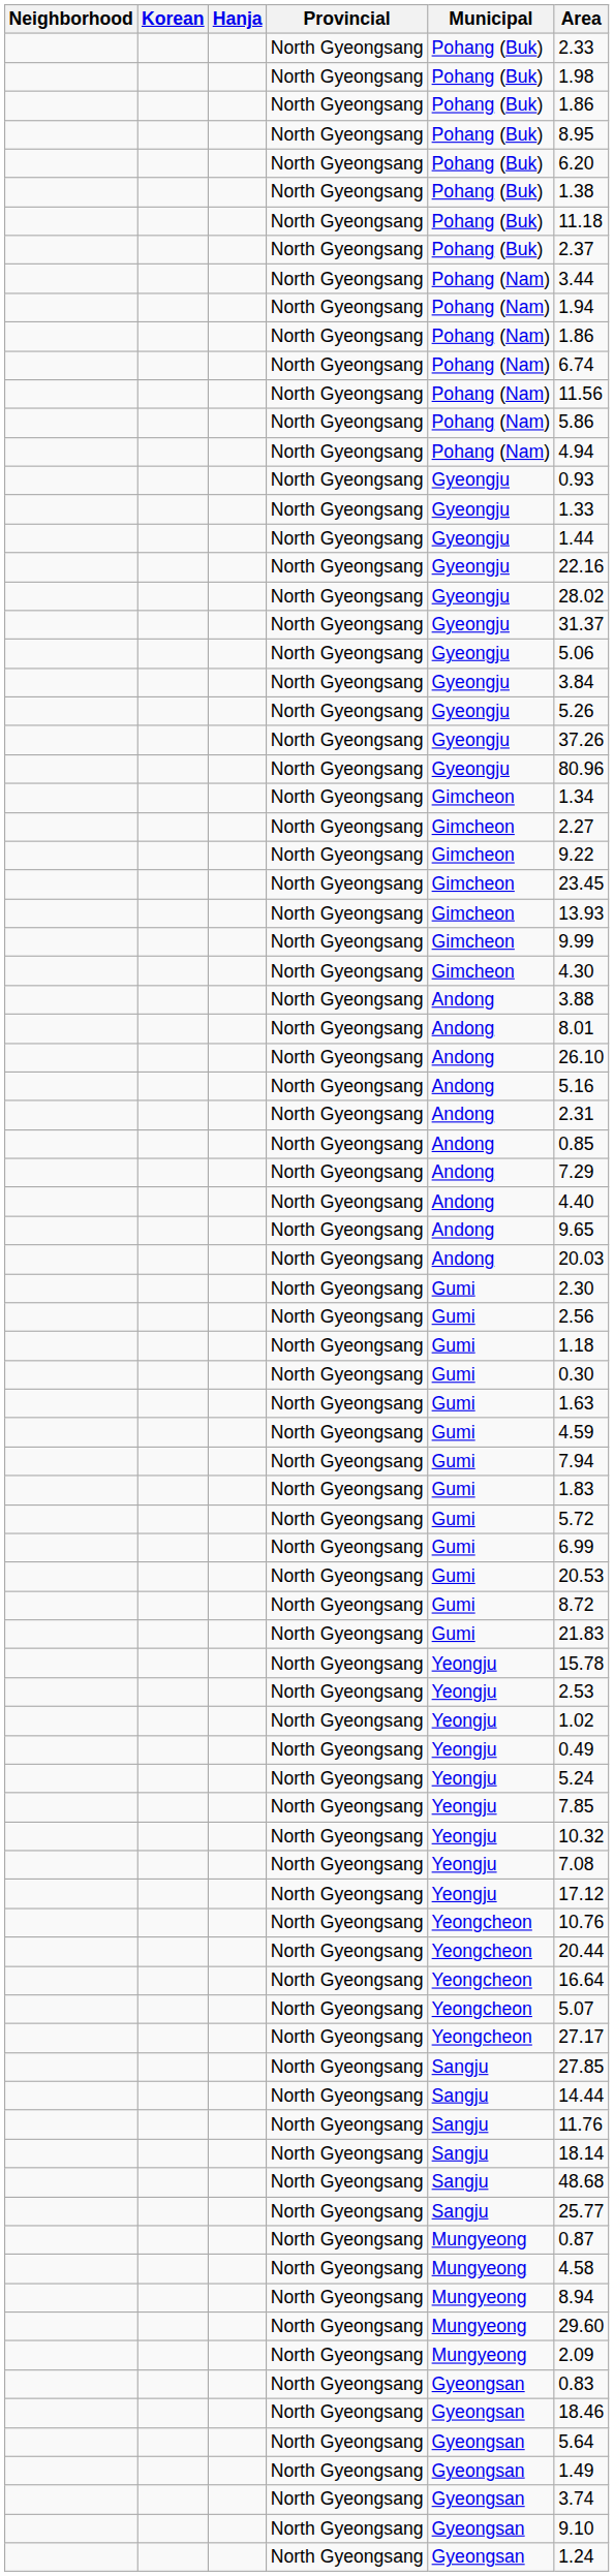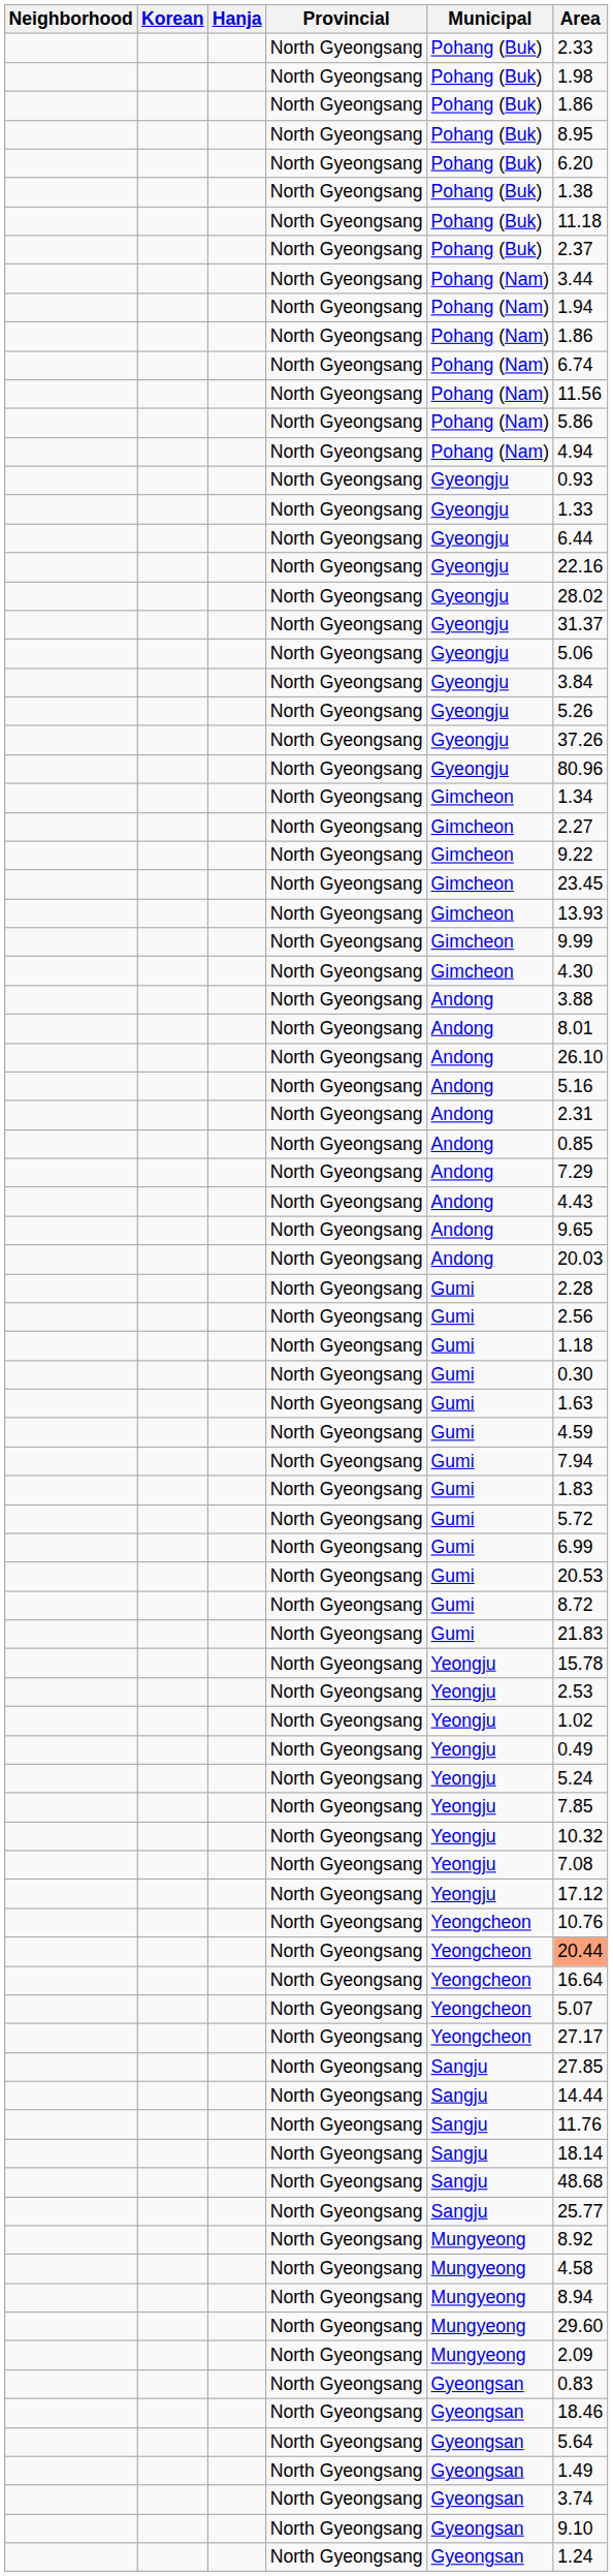 <table class="wikitable sortable">
 <tr>
 <th>Neighborhood</th>
 <th><a href='#'>Korean</a></th>
 <th><a href='#'>Hanja</a></th>
 <th>Provincial</th>
 <th>Municipal</th>
 <th>Area</th>
 </tr>
 <tr>
 <td></td>
 <td><span></span></td>
 <td><span></span></td>
 <td>North Gyeongsang</td>
 <td><a href='#'>Pohang</a> (<a href='#'>Buk</a>)</td>
 <td>2.33</td>
 </tr>
 <tr>
 <td></td>
 <td><span></span></td>
 <td><span></span></td>
 <td>North Gyeongsang</td>
 <td><a href='#'>Pohang</a> (<a href='#'>Buk</a>)</td>
 <td>1.98</td>
 </tr>
 <tr>
 <td></td>
 <td><span></span></td>
 <td><span></span></td>
 <td>North Gyeongsang</td>
 <td><a href='#'>Pohang</a> (<a href='#'>Buk</a>)</td>
 <td>1.86</td>
 </tr>
 <tr>
 <td></td>
 <td><span></span></td>
 <td><span></span></td>
 <td>North Gyeongsang</td>
 <td><a href='#'>Pohang</a> (<a href='#'>Buk</a>)</td>
 <td>8.95</td>
 </tr>
 <tr>
 <td></td>
 <td><span></span></td>
 <td><span></span></td>
 <td>North Gyeongsang</td>
 <td><a href='#'>Pohang</a> (<a href='#'>Buk</a>)</td>
 <td>6.20</td>
 </tr>
 <tr>
 <td></td>
 <td><span></span></td>
 <td><span></span></td>
 <td>North Gyeongsang</td>
 <td><a href='#'>Pohang</a> (<a href='#'>Buk</a>)</td>
 <td>1.38</td>
 </tr>
 <tr>
 <td></td>
 <td><span></span></td>
 <td><span></span></td>
 <td>North Gyeongsang</td>
 <td><a href='#'>Pohang</a> (<a href='#'>Buk</a>)</td>
 <td>11.18</td>
 </tr>
 <tr>
 <td></td>
 <td><span></span></td>
 <td><span></span></td>
 <td>North Gyeongsang</td>
 <td><a href='#'>Pohang</a> (<a href='#'>Buk</a>)</td>
 <td>2.37</td>
 </tr>
 <tr>
 <td></td>
 <td><span></span></td>
 <td><span></span></td>
 <td>North Gyeongsang</td>
 <td><a href='#'>Pohang</a> (<a href='#'>Nam</a>)</td>
 <td>3.44</td>
 </tr>
 <tr>
 <td></td>
 <td><span></span></td>
 <td><span></span></td>
 <td>North Gyeongsang</td>
 <td><a href='#'>Pohang</a> (<a href='#'>Nam</a>)</td>
 <td>1.94</td>
 </tr>
 <tr>
 <td></td>
 <td><span></span></td>
 <td><span></span></td>
 <td>North Gyeongsang</td>
 <td><a href='#'>Pohang</a> (<a href='#'>Nam</a>)</td>
 <td>1.86</td>
 </tr>
 <tr>
 <td></td>
 <td><span></span></td>
 <td><span></span></td>
 <td>North Gyeongsang</td>
 <td><a href='#'>Pohang</a> (<a href='#'>Nam</a>)</td>
 <td>6.74</td>
 </tr>
 <tr>
 <td></td>
 <td><span></span></td>
 <td><span></span></td>
 <td>North Gyeongsang</td>
 <td><a href='#'>Pohang</a> (<a href='#'>Nam</a>)</td>
 <td>11.56</td>
 </tr>
 <tr>
 <td></td>
 <td><span></span></td>
 <td><span></span></td>
 <td>North Gyeongsang</td>
 <td><a href='#'>Pohang</a> (<a href='#'>Nam</a>)</td>
 <td>5.86</td>
 </tr>
 <tr>
 <td></td>
 <td><span></span></td>
 <td><span></span></td>
 <td>North Gyeongsang</td>
 <td><a href='#'>Pohang</a> (<a href='#'>Nam</a>)</td>
 <td>4.94</td>
 </tr>
 <tr>
 <td></td>
 <td><span></span></td>
 <td><span></span></td>
 <td>North Gyeongsang</td>
 <td><a href='#'>Gyeongju</a></td>
 <td>0.93</td>
 </tr>
 <tr>
 <td></td>
 <td><span></span></td>
 <td><span></span></td>
 <td>North Gyeongsang</td>
 <td><a href='#'>Gyeongju</a></td>
 <td>1.33</td>
 </tr>
 <tr>
 <td></td>
 <td><span></span></td>
 <td><span></span></td>
 <td>North Gyeongsang</td>
 <td><a href='#'>Gyeongju</a></td>
-<td>1.44</td>
+<td>6.44</td>
 </tr>
 <tr>
 <td></td>
 <td><span></span></td>
 <td><span></span></td>
 <td>North Gyeongsang</td>
 <td><a href='#'>Gyeongju</a></td>
 <td>22.16</td>
 </tr>
 <tr>
 <td></td>
 <td><span></span></td>
 <td><span></span></td>
 <td>North Gyeongsang</td>
 <td><a href='#'>Gyeongju</a></td>
 <td>28.02</td>
 </tr>
 <tr>
 <td></td>
 <td><span></span></td>
 <td><span></span></td>
 <td>North Gyeongsang</td>
 <td><a href='#'>Gyeongju</a></td>
 <td>31.37</td>
 </tr>
 <tr>
 <td></td>
 <td><span></span></td>
 <td><span></span></td>
 <td>North Gyeongsang</td>
 <td><a href='#'>Gyeongju</a></td>
 <td>5.06</td>
 </tr>
 <tr>
 <td></td>
 <td><span></span></td>
 <td><span></span></td>
 <td>North Gyeongsang</td>
 <td><a href='#'>Gyeongju</a></td>
 <td>3.84</td>
 </tr>
 <tr>
 <td></td>
 <td><span></span></td>
 <td><span></span></td>
 <td>North Gyeongsang</td>
 <td><a href='#'>Gyeongju</a></td>
 <td>5.26</td>
 </tr>
 <tr>
 <td></td>
 <td><span></span></td>
 <td><span></span></td>
 <td>North Gyeongsang</td>
 <td><a href='#'>Gyeongju</a></td>
 <td>37.26</td>
 </tr>
 <tr>
 <td></td>
 <td><span></span></td>
 <td><span></span></td>
 <td>North Gyeongsang</td>
 <td><a href='#'>Gyeongju</a></td>
 <td>80.96</td>
 </tr>
 <tr>
 <td></td>
 <td><span></span></td>
 <td><span></span></td>
 <td>North Gyeongsang</td>
 <td><a href='#'>Gimcheon</a></td>
 <td>1.34</td>
 </tr>
 <tr>
 <td></td>
 <td><span></span></td>
 <td><span></span></td>
 <td>North Gyeongsang</td>
 <td><a href='#'>Gimcheon</a></td>
 <td>2.27</td>
 </tr>
 <tr>
 <td></td>
 <td><span></span></td>
 <td><span></span></td>
 <td>North Gyeongsang</td>
 <td><a href='#'>Gimcheon</a></td>
 <td>9.22</td>
 </tr>
 <tr>
 <td></td>
 <td><span></span></td>
 <td><span></span></td>
 <td>North Gyeongsang</td>
 <td><a href='#'>Gimcheon</a></td>
 <td>23.45</td>
 </tr>
 <tr>
 <td></td>
 <td><span></span></td>
 <td><span></span></td>
 <td>North Gyeongsang</td>
 <td><a href='#'>Gimcheon</a></td>
 <td>13.93</td>
 </tr>
 <tr>
 <td></td>
 <td><span></span></td>
 <td><span></span></td>
 <td>North Gyeongsang</td>
 <td><a href='#'>Gimcheon</a></td>
 <td>9.99</td>
 </tr>
 <tr>
 <td></td>
 <td><span></span></td>
 <td><span></span></td>
 <td>North Gyeongsang</td>
 <td><a href='#'>Gimcheon</a></td>
 <td>4.30</td>
 </tr>
 <tr>
 <td></td>
 <td><span></span></td>
 <td><span></span></td>
 <td>North Gyeongsang</td>
 <td><a href='#'>Andong</a></td>
 <td>3.88</td>
 </tr>
 <tr>
 <td></td>
 <td><span></span></td>
 <td><span></span></td>
 <td>North Gyeongsang</td>
 <td><a href='#'>Andong</a></td>
 <td>8.01</td>
 </tr>
 <tr>
 <td></td>
 <td><span></span></td>
 <td><span></span></td>
 <td>North Gyeongsang</td>
 <td><a href='#'>Andong</a></td>
 <td>26.10</td>
 </tr>
 <tr>
 <td></td>
 <td><span></span></td>
 <td><span></span></td>
 <td>North Gyeongsang</td>
 <td><a href='#'>Andong</a></td>
 <td>5.16</td>
 </tr>
 <tr>
 <td></td>
 <td><span></span></td>
 <td><span></span></td>
 <td>North Gyeongsang</td>
 <td><a href='#'>Andong</a></td>
 <td>2.31</td>
 </tr>
 <tr>
 <td></td>
 <td><span></span></td>
 <td><span></span></td>
 <td>North Gyeongsang</td>
 <td><a href='#'>Andong</a></td>
 <td>0.85</td>
 </tr>
 <tr>
 <td></td>
 <td><span></span></td>
 <td><span></span></td>
 <td>North Gyeongsang</td>
 <td><a href='#'>Andong</a></td>
 <td>7.29</td>
 </tr>
 <tr>
 <td></td>
 <td><span></span></td>
 <td><span></span></td>
 <td>North Gyeongsang</td>
 <td><a href='#'>Andong</a></td>
-<td>4.40</td>
+<td>4.43</td>
 </tr>
 <tr>
 <td></td>
 <td><span></span></td>
 <td><span></span></td>
 <td>North Gyeongsang</td>
 <td><a href='#'>Andong</a></td>
 <td>9.65</td>
 </tr>
 <tr>
 <td></td>
 <td><span></span></td>
 <td><span></span></td>
 <td>North Gyeongsang</td>
 <td><a href='#'>Andong</a></td>
 <td>20.03</td>
 </tr>
 <tr>
 <td></td>
 <td><span></span></td>
 <td><span></span></td>
 <td>North Gyeongsang</td>
 <td><a href='#'>Gumi</a></td>
-<td>2.30</td>
+<td>2.28</td>
 </tr>
 <tr>
 <td></td>
 <td><span></span></td>
 <td><span></span></td>
 <td>North Gyeongsang</td>
 <td><a href='#'>Gumi</a></td>
 <td>2.56</td>
 </tr>
 <tr>
 <td></td>
 <td><span></span></td>
 <td><span></span></td>
 <td>North Gyeongsang</td>
 <td><a href='#'>Gumi</a></td>
 <td>1.18</td>
 </tr>
 <tr>
 <td></td>
 <td><span></span></td>
 <td><span></span></td>
 <td>North Gyeongsang</td>
 <td><a href='#'>Gumi</a></td>
 <td>0.30</td>
 </tr>
 <tr>
 <td></td>
 <td><span></span></td>
 <td><span></span></td>
 <td>North Gyeongsang</td>
 <td><a href='#'>Gumi</a></td>
 <td>1.63</td>
 </tr>
 <tr>
 <td></td>
 <td><span></span></td>
 <td><span></span></td>
 <td>North Gyeongsang</td>
 <td><a href='#'>Gumi</a></td>
 <td>4.59</td>
 </tr>
 <tr>
 <td></td>
 <td><span></span></td>
 <td><span></span></td>
 <td>North Gyeongsang</td>
 <td><a href='#'>Gumi</a></td>
 <td>7.94</td>
 </tr>
 <tr>
 <td></td>
 <td><span></span></td>
 <td><span></span></td>
 <td>North Gyeongsang</td>
 <td><a href='#'>Gumi</a></td>
 <td>1.83</td>
 </tr>
 <tr>
 <td></td>
 <td><span></span></td>
 <td><span></span></td>
 <td>North Gyeongsang</td>
 <td><a href='#'>Gumi</a></td>
 <td>5.72</td>
 </tr>
 <tr>
 <td></td>
 <td><span></span></td>
 <td><span></span></td>
 <td>North Gyeongsang</td>
 <td><a href='#'>Gumi</a></td>
 <td>6.99</td>
 </tr>
 <tr>
 <td></td>
 <td><span></span></td>
 <td><span></span></td>
 <td>North Gyeongsang</td>
 <td><a href='#'>Gumi</a></td>
 <td>20.53</td>
 </tr>
 <tr>
 <td></td>
 <td><span></span></td>
 <td><span></span></td>
 <td>North Gyeongsang</td>
 <td><a href='#'>Gumi</a></td>
 <td>8.72</td>
 </tr>
 <tr>
 <td></td>
 <td><span></span></td>
 <td><span></span></td>
 <td>North Gyeongsang</td>
 <td><a href='#'>Gumi</a></td>
 <td>21.83</td>
 </tr>
 <tr>
 <td></td>
 <td><span></span></td>
 <td><span></span></td>
 <td>North Gyeongsang</td>
 <td><a href='#'>Yeongju</a></td>
 <td>15.78</td>
 </tr>
 <tr>
 <td></td>
 <td><span></span></td>
 <td><span></span></td>
 <td>North Gyeongsang</td>
 <td><a href='#'>Yeongju</a></td>
 <td>2.53</td>
 </tr>
 <tr>
 <td></td>
 <td><span></span></td>
 <td><span></span></td>
 <td>North Gyeongsang</td>
 <td><a href='#'>Yeongju</a></td>
 <td>1.02</td>
 </tr>
 <tr>
 <td></td>
 <td><span></span></td>
 <td><span></span></td>
 <td>North Gyeongsang</td>
 <td><a href='#'>Yeongju</a></td>
 <td>0.49</td>
 </tr>
 <tr>
 <td></td>
 <td><span></span></td>
 <td><span></span></td>
 <td>North Gyeongsang</td>
 <td><a href='#'>Yeongju</a></td>
 <td>5.24</td>
 </tr>
 <tr>
 <td></td>
 <td><span></span></td>
 <td><span></span></td>
 <td>North Gyeongsang</td>
 <td><a href='#'>Yeongju</a></td>
 <td>7.85</td>
 </tr>
 <tr>
 <td></td>
 <td><span></span></td>
 <td><span></span></td>
 <td>North Gyeongsang</td>
 <td><a href='#'>Yeongju</a></td>
 <td>10.32</td>
 </tr>
 <tr>
 <td></td>
 <td><span></span></td>
 <td><span></span></td>
 <td>North Gyeongsang</td>
 <td><a href='#'>Yeongju</a></td>
 <td>7.08</td>
 </tr>
 <tr>
 <td></td>
 <td><span></span></td>
 <td><span></span></td>
 <td>North Gyeongsang</td>
 <td><a href='#'>Yeongju</a></td>
 <td>17.12</td>
 </tr>
 <tr>
 <td></td>
 <td><span></span></td>
 <td><span></span></td>
 <td>North Gyeongsang</td>
 <td><a href='#'>Yeongcheon</a></td>
 <td>10.76</td>
 </tr>
 <tr>
 <td></td>
 <td><span></span></td>
 <td><span></span></td>
 <td>North Gyeongsang</td>
 <td><a href='#'>Yeongcheon</a></td>
-<td>20.44</td>
+<td style="background: lightsalmon;">20.44</td>
 </tr>
 <tr>
 <td></td>
 <td><span></span></td>
 <td><span></span></td>
 <td>North Gyeongsang</td>
 <td><a href='#'>Yeongcheon</a></td>
 <td>16.64</td>
 </tr>
 <tr>
 <td></td>
 <td><span></span></td>
 <td><span></span></td>
 <td>North Gyeongsang</td>
 <td><a href='#'>Yeongcheon</a></td>
 <td>5.07</td>
 </tr>
 <tr>
 <td></td>
 <td><span></span></td>
 <td><span></span></td>
 <td>North Gyeongsang</td>
 <td><a href='#'>Yeongcheon</a></td>
 <td>27.17</td>
 </tr>
 <tr>
 <td></td>
 <td><span></span></td>
 <td><span></span></td>
 <td>North Gyeongsang</td>
 <td><a href='#'>Sangju</a></td>
 <td>27.85</td>
 </tr>
 <tr>
 <td></td>
 <td><span></span></td>
 <td><span></span></td>
 <td>North Gyeongsang</td>
 <td><a href='#'>Sangju</a></td>
 <td>14.44</td>
 </tr>
 <tr>
 <td></td>
 <td><span></span></td>
 <td><span></span></td>
 <td>North Gyeongsang</td>
 <td><a href='#'>Sangju</a></td>
 <td>11.76</td>
 </tr>
 <tr>
 <td></td>
 <td><span></span></td>
 <td><span></span></td>
 <td>North Gyeongsang</td>
 <td><a href='#'>Sangju</a></td>
 <td>18.14</td>
 </tr>
 <tr>
 <td></td>
 <td><span></span></td>
 <td><span></span></td>
 <td>North Gyeongsang</td>
 <td><a href='#'>Sangju</a></td>
 <td>48.68</td>
 </tr>
 <tr>
 <td></td>
 <td><span></span></td>
 <td><span></span></td>
 <td>North Gyeongsang</td>
 <td><a href='#'>Sangju</a></td>
 <td>25.77</td>
 </tr>
 <tr>
 <td></td>
 <td><span></span></td>
 <td><span></span></td>
 <td>North Gyeongsang</td>
 <td><a href='#'>Mungyeong</a></td>
-<td>0.87</td>
+<td>8.92</td>
 </tr>
 <tr>
 <td></td>
 <td><span></span></td>
 <td><span></span></td>
 <td>North Gyeongsang</td>
 <td><a href='#'>Mungyeong</a></td>
 <td>4.58</td>
 </tr>
 <tr>
 <td></td>
 <td><span></span></td>
 <td><span></span></td>
 <td>North Gyeongsang</td>
 <td><a href='#'>Mungyeong</a></td>
 <td>8.94</td>
 </tr>
 <tr>
 <td></td>
 <td><span></span></td>
 <td><span></span></td>
 <td>North Gyeongsang</td>
 <td><a href='#'>Mungyeong</a></td>
 <td>29.60</td>
 </tr>
 <tr>
 <td></td>
 <td><span></span></td>
 <td><span></span></td>
 <td>North Gyeongsang</td>
 <td><a href='#'>Mungyeong</a></td>
 <td>2.09</td>
 </tr>
 <tr>
 <td></td>
 <td><span></span></td>
 <td><span></span></td>
 <td>North Gyeongsang</td>
 <td><a href='#'>Gyeongsan</a></td>
 <td>0.83</td>
 </tr>
 <tr>
 <td></td>
 <td><span></span></td>
 <td><span></span></td>
 <td>North Gyeongsang</td>
 <td><a href='#'>Gyeongsan</a></td>
 <td>18.46</td>
 </tr>
 <tr>
 <td></td>
 <td><span></span></td>
 <td><span></span></td>
 <td>North Gyeongsang</td>
 <td><a href='#'>Gyeongsan</a></td>
 <td>5.64</td>
 </tr>
 <tr>
 <td></td>
 <td><span></span></td>
 <td><span></span></td>
 <td>North Gyeongsang</td>
 <td><a href='#'>Gyeongsan</a></td>
 <td>1.49</td>
 </tr>
 <tr>
 <td></td>
 <td><span></span></td>
 <td><span></span></td>
 <td>North Gyeongsang</td>
 <td><a href='#'>Gyeongsan</a></td>
 <td>3.74</td>
 </tr>
 <tr>
 <td></td>
 <td><span></span></td>
 <td><span></span></td>
 <td>North Gyeongsang</td>
 <td><a href='#'>Gyeongsan</a></td>
 <td>9.10</td>
 </tr>
 <tr>
 <td></td>
 <td><span></span></td>
 <td><span></span></td>
 <td>North Gyeongsang</td>
 <td><a href='#'>Gyeongsan</a></td>
 <td>1.24</td>
 </tr>
 </table>
